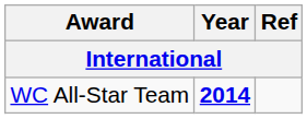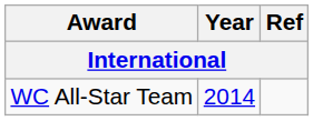 <table class="wikitable">
 <tr>
 <th>Award</th>
 <th>Year</th>
 <th>Ref</th>
 </tr>
 <tr>
 <th colspan="3"><a href='#'>International</a></th>
 </tr>
 <tr>
 <td><a href='#'>WC</a> All-Star Team</td>
-<td><strong><a href='#'>2014</a></strong></td>
+<td><a href='#'>2014</a></td>
 <td></td>
 </tr>
 </table>
